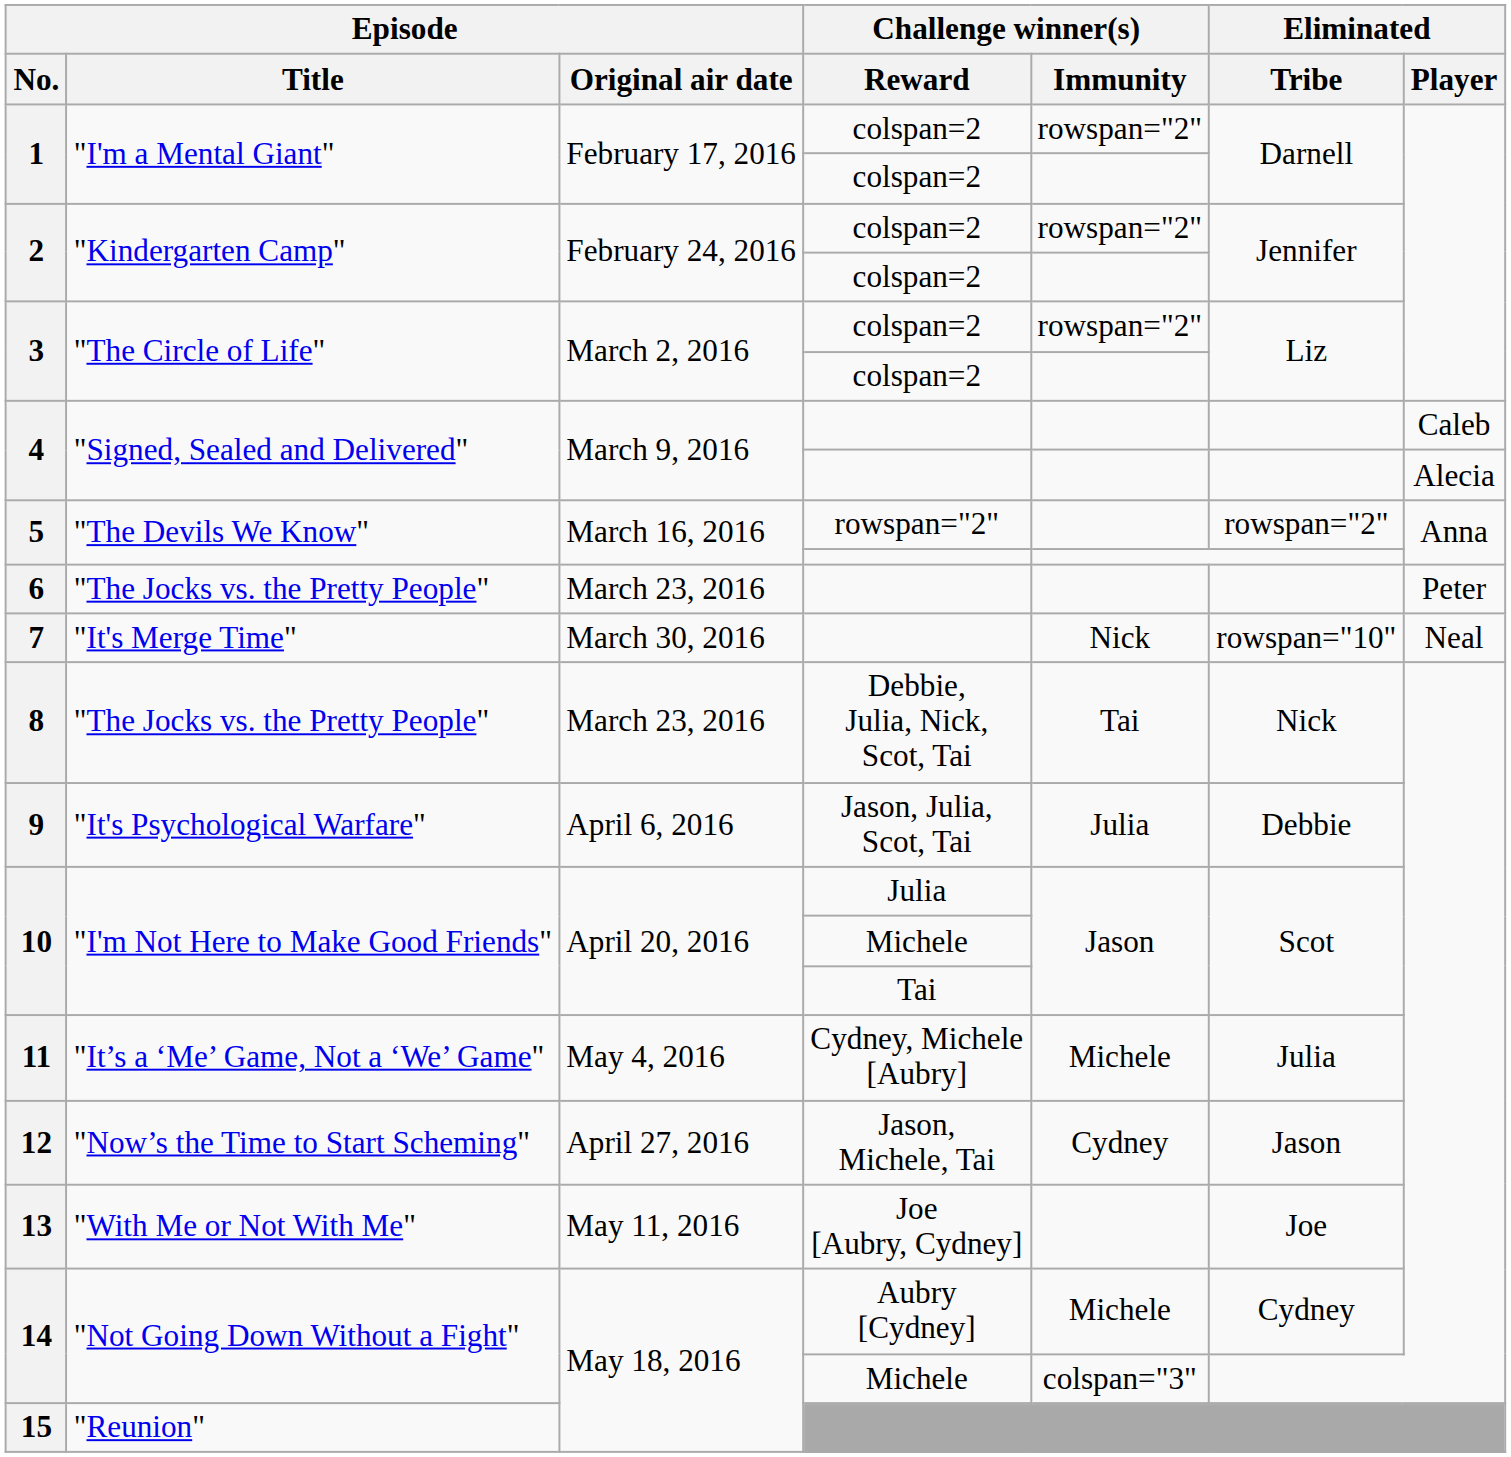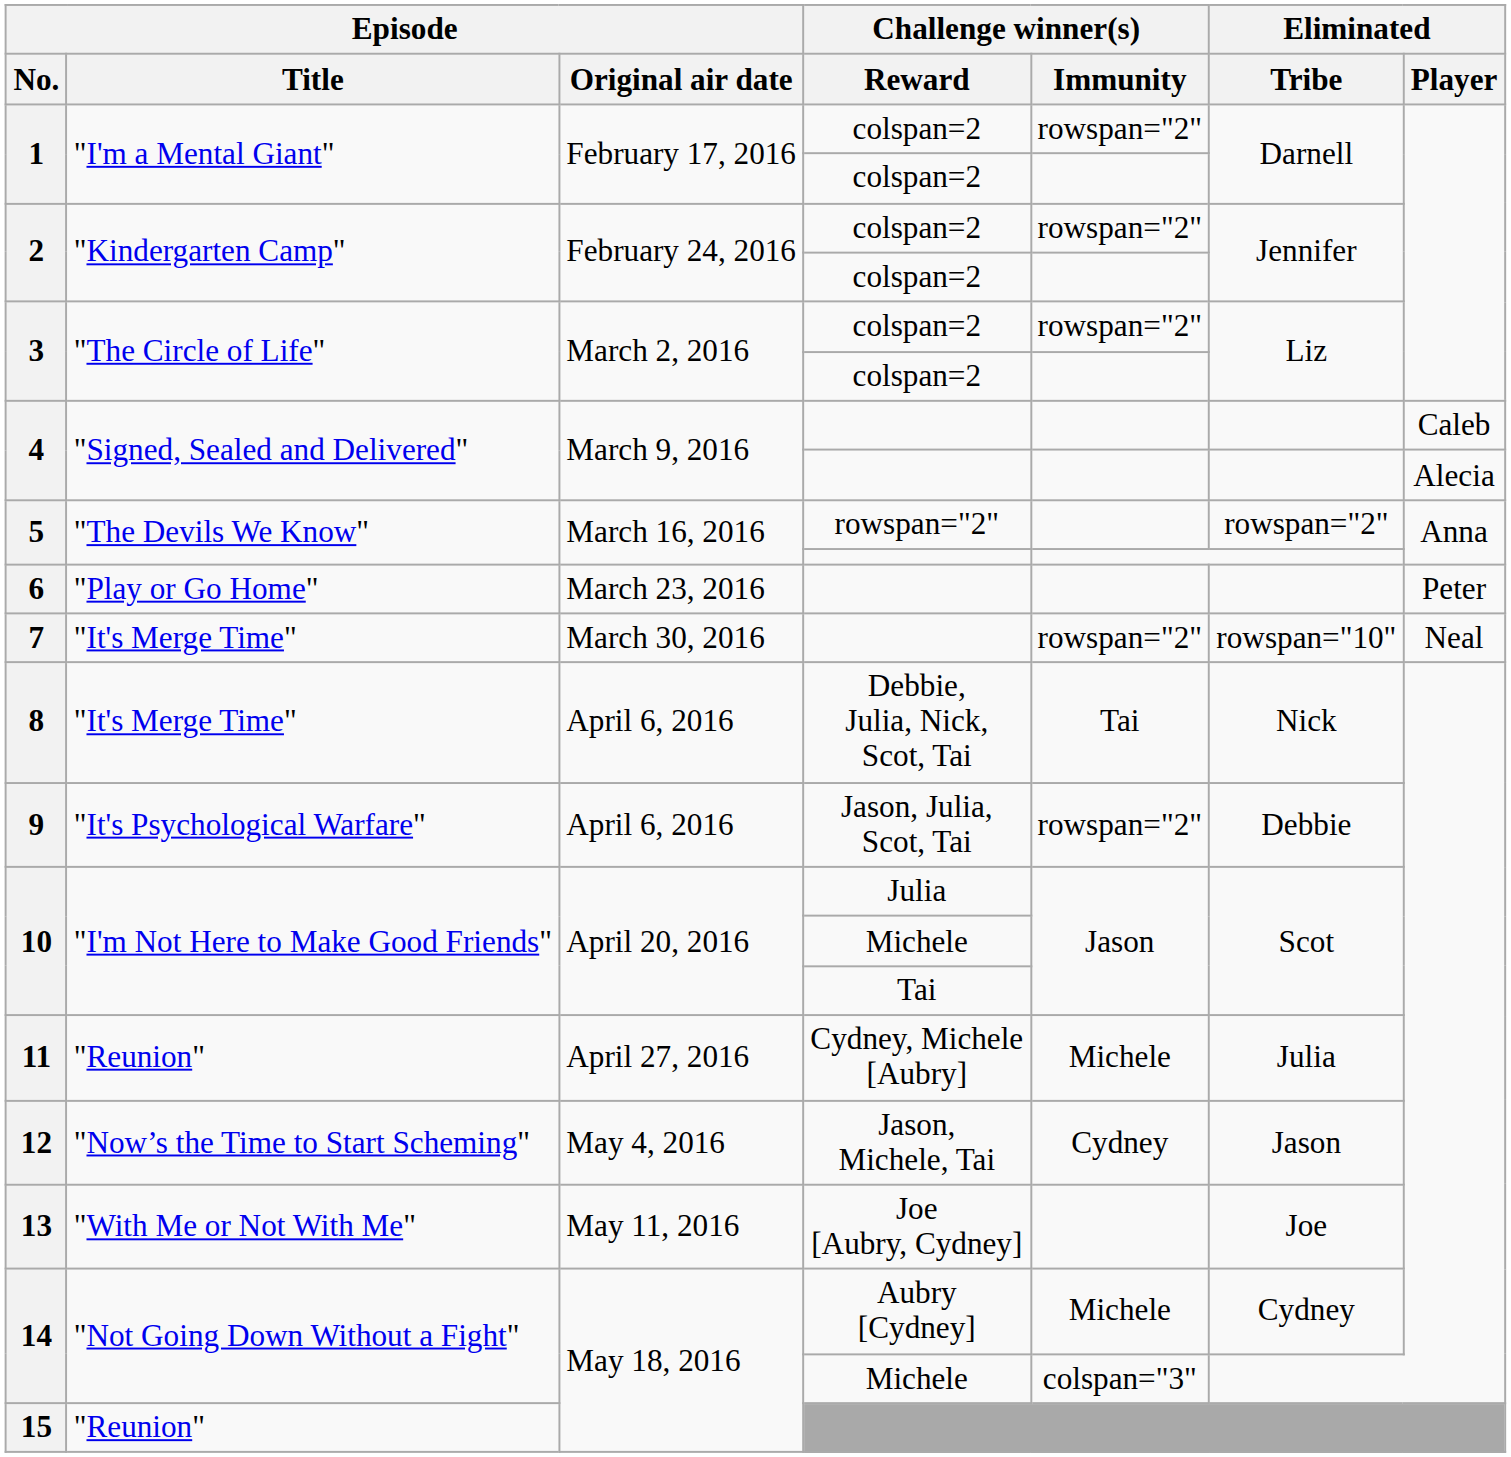 <table class="wikitable plainrowheaders" style="margin:auto; text-align:center">
 <tr>
 <th scope="col" colspan="3">Episode</th>
 <th scope="col" colspan="2">Challenge winner(s)</th>
 <th colspan="2">Eliminated</th>
 </tr>
 <tr>
 <th scope="col">No.</th>
 <th scope="col">Title</th>
 <th scope="col">Original air date</th>
 <th scope="col">Reward</th>
 <th scope="col">Immunity</th>
 <th>Tribe</th>
 <th>Player</th>
 </tr>
 <tr>
 <th rowspan="2">1</th>
 <td scope="row" align="left" rowspan="2">"<a href='#'>I'm a Mental Giant</a>"</td>
 <td align="left" rowspan="2">February 17, 2016</td>
 <td>colspan=2 </td>
 <td>rowspan="2" </td>
 <td rowspan=2>Darnell</td>
 </tr>
 <tr>
 <td>colspan=2 </td>
 </tr>
 <tr>
 <th rowspan="2">2</th>
 <td scope="row" align="left" rowspan="2">"<a href='#'>Kindergarten Camp</a>"</td>
 <td align="left" rowspan="2">February 24, 2016</td>
 <td>colspan=2 </td>
 <td>rowspan="2" </td>
 <td rowspan=2>Jennifer</td>
 </tr>
 <tr>
 <td>colspan=2 </td>
 </tr>
 <tr>
 <th rowspan="2">3</th>
 <td scope="row" align="left" rowspan="2">"<a href='#'>The Circle of Life</a>"</td>
 <td align="left" rowspan="2">March 2, 2016</td>
 <td>colspan=2 </td>
 <td>rowspan="2" </td>
 <td rowspan=2>Liz</td>
 </tr>
 <tr>
 <td>colspan=2 </td>
 </tr>
 <tr>
 <th rowspan="2">4</th>
 <td scope="row" align="left" rowspan="2">"<a href='#'>Signed, Sealed and Delivered</a>"</td>
 <td align="left" rowspan="2">March 9, 2016</td>
 <td></td>
 <td></td>
 <td></td>
 <td>Caleb</td>
 </tr>
 <tr>
 <td></td>
 <td></td>
 <td></td>
 <td>Alecia</td>
 </tr>
 <tr>
 <th rowspan="2">5</th>
 <td scope="row" align="left" rowspan="2">"<a href='#'>The Devils We Know</a>"</td>
 <td align="left" rowspan="2">March 16, 2016</td>
 <td>rowspan="2" </td>
 <td></td>
 <td>rowspan="2" </td>
 <td rowspan=2>Anna</td>
 </tr>
 <tr>
 <td></td>
 </tr>
 <tr>
 <th>6</th>
-<td scope="row" align="left">"<a href='#'>The Jocks vs. the Pretty People</a>"</td>
+<td scope="row" align="left">"<a href='#'>Play or Go Home</a>"</td>
 <td align="left">March 23, 2016</td>
 <td></td>
 <td></td>
 <td></td>
 <td>Peter</td>
 </tr>
 <tr>
 <th>7</th>
 <td scope="row" align="left">"<a href='#'>It's Merge Time</a>"</td>
 <td align="left">March 30, 2016</td>
 <td></td>
-<td>Nick</td>
+<td>rowspan="2" </td>
 <td>rowspan="10" </td>
 <td>Neal</td>
 </tr>
 <tr>
 <th>8</th>
-<td scope="row" align="left">"<a href='#'>The Jocks vs. the Pretty People</a>"</td>
-<td align="left">March 23, 2016</td>
+<td scope="row" align="left">"<a href='#'>It's Merge Time</a>"</td>
+<td align="left">April 6, 2016</td>
 <td>Debbie,<br>Julia, Nick,<br>Scot, Tai</td>
 <td>Tai</td>
 <td>Nick</td>
 </tr>
 <tr>
 <th>9</th>
 <td scope="row" align="left">"<a href='#'>It's Psychological Warfare</a>"</td>
 <td align="left">April 6, 2016</td>
 <td>Jason, Julia,<br>Scot, Tai</td>
-<td>Julia</td>
+<td>rowspan="2" </td>
 <td>Debbie</td>
 </tr>
 <tr>
 <th rowspan="3">10</th>
 <td scope="row" align="left" rowspan="3">"<a href='#'>I'm Not Here to Make Good Friends</a>"</td>
 <td align="left" rowspan="3">April 20, 2016</td>
 <td>Julia</td>
 <td rowspan=3>Jason</td>
 <td rowspan=3>Scot</td>
 </tr>
 <tr>
 <td>Michele</td>
 </tr>
 <tr>
 <td>Tai</td>
 </tr>
 <tr>
 <th>11</th>
-<td scope="row" align="left">"<a href='#'>It’s a ‘Me’ Game, Not a ‘We’ Game</a>"</td>
-<td align="left">May 4, 2016</td>
+<td scope="row" align="left">"<a href='#'>Reunion</a>"</td>
+<td align="left">April 27, 2016</td>
 <td>Cydney, Michele<br>[Aubry]</td>
 <td>Michele</td>
 <td>Julia</td>
 </tr>
 <tr>
 <th>12</th>
 <td scope="row" align="left">"<a href='#'>Now’s the Time to Start Scheming</a>"</td>
-<td align="left">April 27, 2016</td>
+<td align="left">May 4, 2016</td>
 <td>Jason,<br>Michele, Tai</td>
 <td>Cydney</td>
 <td>Jason</td>
 </tr>
 <tr>
 <th>13</th>
 <td scope="row" align="left">"<a href='#'>With Me or Not With Me</a>"</td>
 <td align="left">May 11, 2016</td>
 <td>Joe<br>[Aubry, Cydney]</td>
 <td></td>
 <td>Joe</td>
 </tr>
 <tr>
 <th rowspan="2">14</th>
 <td scope="row" align="left" rowspan="2">"<a href='#'>Not Going Down Without a Fight</a>"</td>
 <td rowspan="3" align="left">May 18, 2016</td>
 <td>Aubry<br>[Cydney]</td>
 <td>Michele</td>
 <td>Cydney</td>
 </tr>
 <tr>
 <td>Michele</td>
 <td>colspan="3" </td>
 </tr>
 <tr>
 <th>15</th>
 <td scope="row" align="left">"<a href='#'>Reunion</a>"</td>
 <td colspan="4" bgcolor="darkgray"></td>
 </tr>
 </table>
